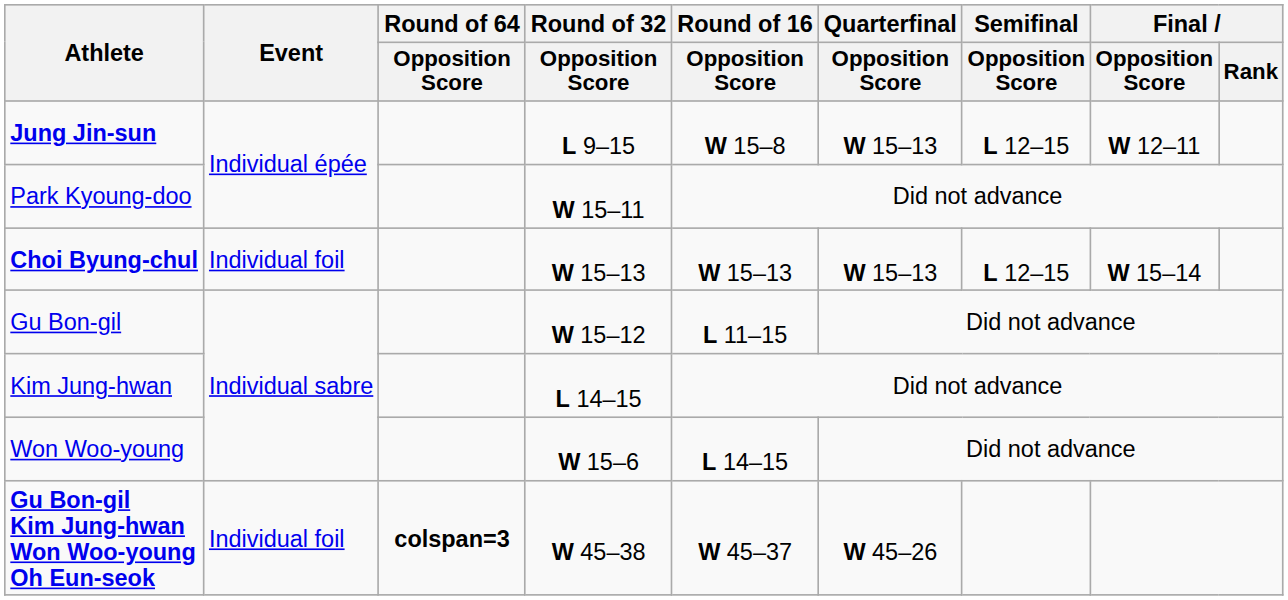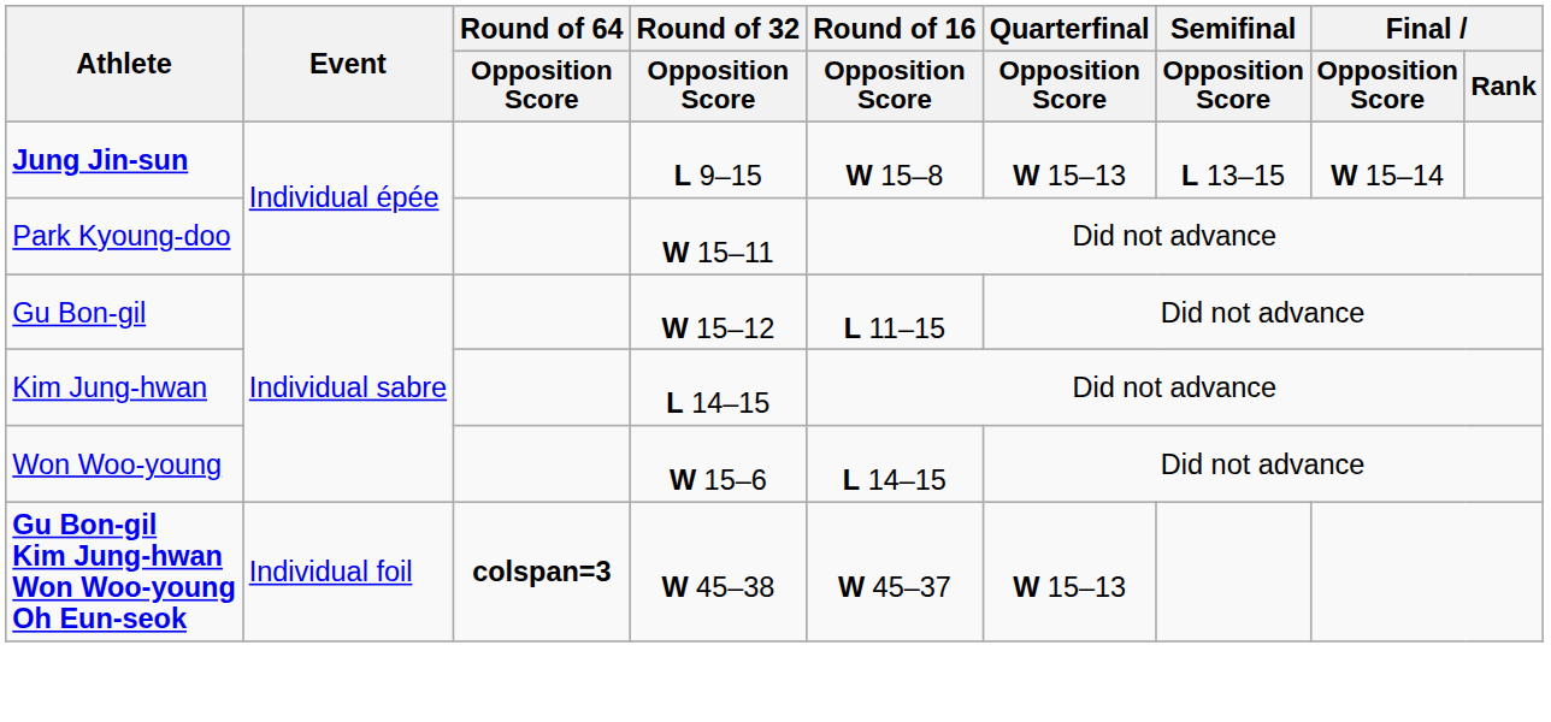 <table class="wikitable" style="font-size:90%">
 <tr>
 <th rowspan=2>Athlete</th>
 <th rowspan=2>Event</th>
 <th>Round of 64</th>
 <th>Round of 32</th>
 <th>Round of 16</th>
 <th>Quarterfinal</th>
 <th>Semifinal</th>
 <th colspan=2>Final / </th>
 </tr>
 <tr style="font-size:95%">
 <th>Opposition <br> Score</th>
 <th>Opposition <br> Score</th>
 <th>Opposition <br> Score</th>
 <th>Opposition <br> Score</th>
 <th>Opposition <br> Score</th>
 <th>Opposition <br> Score</th>
 <th>Rank</th>
 </tr>
 <tr align=center>
 <td align=left><strong><a href='#'>Jung Jin-sun</a></strong></td>
 <td align=left rowspan=2><a href='#'>Individual épée</a></td>
 <td></td>
 <td> <br> <strong>L</strong> 9–15</td>
 <td> <br> <strong>W</strong> 15–8</td>
 <td><br><strong>W</strong> 15–13</td>
-<td><br><strong>L</strong> 12–15</td>
-<td> <br> <strong>W</strong> 12–11</td>
+<td> <br> <strong>L</strong> 13–15</td>
+<td><br><strong>W</strong> 15–14</td>
 <td></td>
 </tr>
 <tr align=center>
 <td align=left><a href='#'>Park Kyoung-doo</a></td>
 <td></td>
 <td> <br> <strong>W</strong> 15–11</td>
 <td colspan=5>Did not advance</td>
-</tr>
-<tr align=center>
-<td align=left><strong><a href='#'>Choi Byung-chul</a></strong></td>
-<td align=left><a href='#'>Individual foil</a></td>
-<td></td>
-<td><br><strong>W</strong> 15–13</td>
-<td><br><strong>W</strong> 15–13</td>
-<td><br><strong>W</strong> 15–13</td>
-<td><br><strong>L</strong> 12–15</td>
-<td><br><strong>W</strong> 15–14</td>
-<td></td>
 </tr>
 <tr align=center>
 <td align=left><a href='#'>Gu Bon-gil</a></td>
 <td align=left rowspan=3><a href='#'>Individual sabre</a></td>
 <td></td>
 <td><br><strong>W</strong> 15–12</td>
 <td> <br> <strong>L</strong> 11–15</td>
 <td colspan=4>Did not advance</td>
 </tr>
 <tr align=center>
 <td align=left><a href='#'>Kim Jung-hwan</a></td>
 <td></td>
 <td> <br> <strong>L</strong> 14–15</td>
 <td colspan=5>Did not advance</td>
 </tr>
 <tr align=center>
 <td align=left><a href='#'>Won Woo-young</a></td>
 <td></td>
 <td> <br> <strong>W</strong> 15–6</td>
 <td><br><strong>L</strong> 14–15</td>
 <td colspan=4>Did not advance</td>
 </tr>
 <tr align=center>
 <td align=left><strong><a href='#'>Gu Bon-gil</a><br><a href='#'>Kim Jung-hwan</a><br><a href='#'>Won Woo-young</a><br><a href='#'>Oh Eun-seok</a></strong></td>
 <td align=left><a href='#'>Individual foil</a></td>
 <td><strong>colspan=3 </strong></td>
 <td><br><strong>W</strong> 45–38</td>
 <td><br><strong>W</strong> 45–37</td>
-<td><br><strong>W</strong> 45–26</td>
+<td><br><strong>W</strong> 15–13</td>
 <td></td>
 </tr>
 </table>
